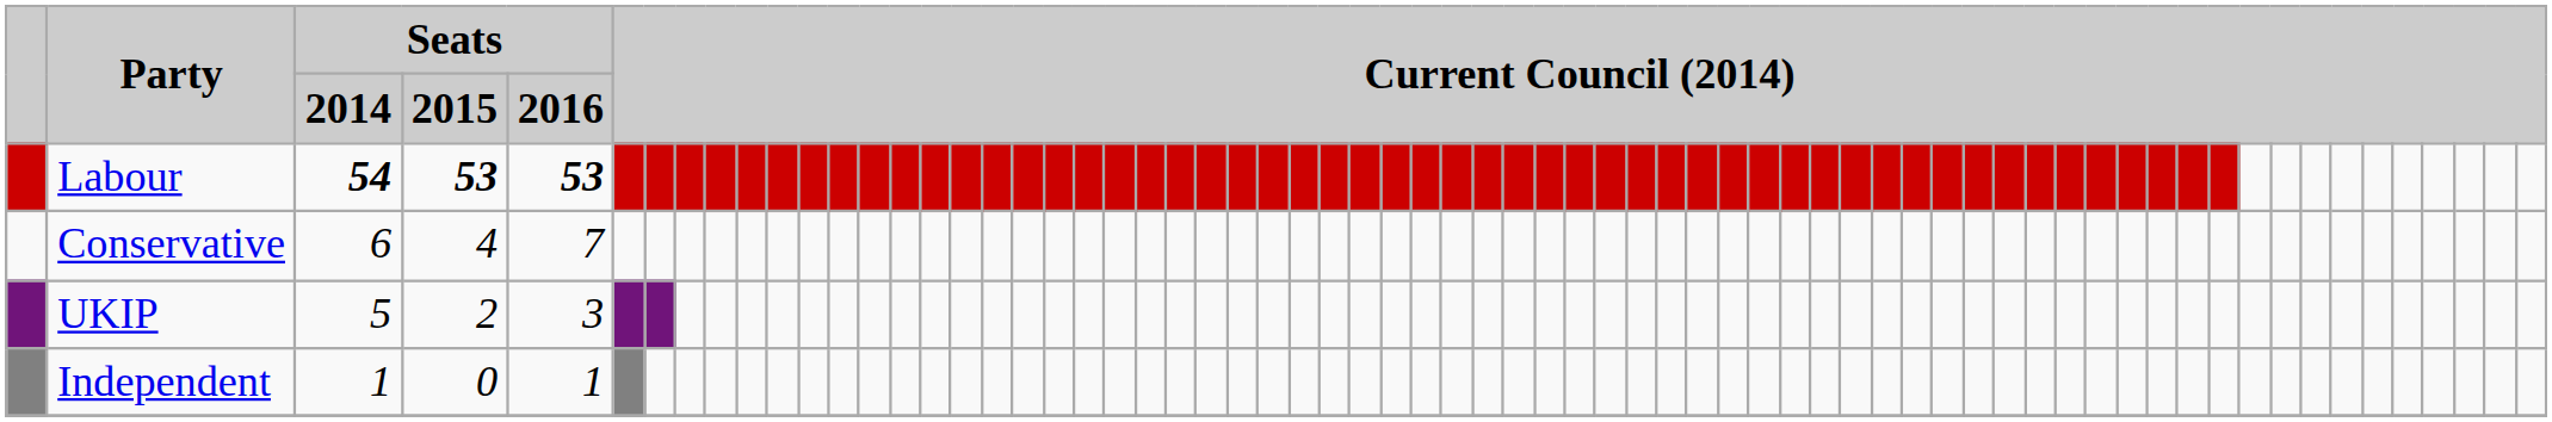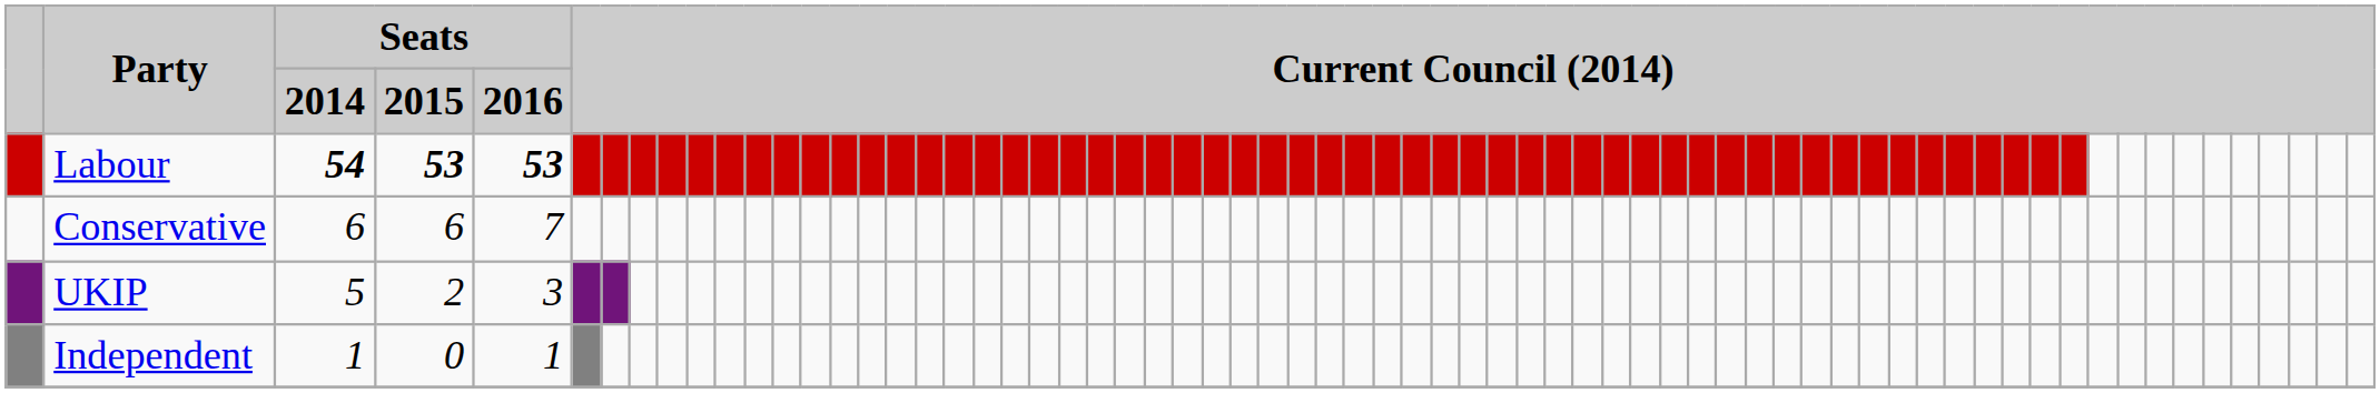 <table class="wikitable">
 <tr>
 <th style="background:#ccc" rowspan="2">  </th>
 <th style="background:#ccc" rowspan="2">Party</th>
 <th style="background:#ccc" colspan="3">Seats</th>
 <th style="background:#ccc" colspan="63" rowspan="2">Current Council (2014)</th>
 </tr>
 <tr>
 <th style="background:#ccc">2014</th>
 <th style="background:#ccc">2015</th>
 <th style="background:#ccc">2016</th>
 </tr>
 <tr>
 <td style="background:#c00"> </td>
 <td><a href='#'>Labour</a></td>
 <td style="text-align: right"><strong><em>54</em></strong></td>
 <td style="text-align: right"><strong><em>53</em></strong></td>
 <td style="text-align: right"><strong><em>53</em></strong></td>
 <td style="background:#c00"> </td>
 <td style="background:#c00"> </td>
 <td style="background:#c00"> </td>
 <td style="background:#c00"> </td>
 <td style="background:#c00"> </td>
 <td style="background:#c00"> </td>
 <td style="background:#c00"> </td>
 <td style="background:#c00"> </td>
 <td style="background:#c00"> </td>
 <td style="background:#c00"> </td>
 <td style="background:#c00"> </td>
 <td style="background:#c00"> </td>
 <td style="background:#c00"> </td>
 <td style="background:#c00"> </td>
 <td style="background:#c00"> </td>
 <td style="background:#c00"> </td>
 <td style="background:#c00"> </td>
 <td style="background:#c00"> </td>
 <td style="background:#c00"> </td>
 <td style="background:#c00"> </td>
 <td style="background:#c00"> </td>
 <td style="background:#c00"> </td>
 <td style="background:#c00"> </td>
 <td style="background:#c00"> </td>
 <td style="background:#c00"> </td>
 <td style="background:#c00"> </td>
 <td style="background:#c00"> </td>
 <td style="background:#c00"> </td>
 <td style="background:#c00"> </td>
 <td style="background:#c00"> </td>
 <td style="background:#c00"> </td>
 <td style="background:#c00"> </td>
 <td style="background:#c00"> </td>
 <td style="background:#c00"> </td>
 <td style="background:#c00"> </td>
 <td style="background:#c00"> </td>
 <td style="background:#c00"> </td>
 <td style="background:#c00"> </td>
 <td style="background:#c00"> </td>
 <td style="background:#c00"> </td>
 <td style="background:#c00"> </td>
 <td style="background:#c00"> </td>
 <td style="background:#c00"> </td>
 <td style="background:#c00"> </td>
 <td style="background:#c00"> </td>
 <td style="background:#c00"> </td>
 <td style="background:#c00"> </td>
 <td style="background:#c00"> </td>
 <td style="background:#c00"> </td>
 <td style="background:#c00"> </td>
 <td style="background:#c00"> </td>
 <td style="background:#c00"> </td>
 <td style="background:#c00"> </td>
 <td> </td>
 <td> </td>
 <td> </td>
 <td> </td>
 <td> </td>
 <td> </td>
 <td> </td>
 <td> </td>
 <td> </td>
 <td> </td>
 </tr>
 <tr>
 <td style="background: "> </td>
 <td><a href='#'>Conservative</a></td>
 <td style="text-align: right"><em>6</em></td>
-<td style="text-align: right"><em>4</em></td>
+<td style="text-align: right"><em>6</em></td>
 <td style="text-align: right"><em>7</em></td>
 <td style="background: "> </td>
 <td style="background: "> </td>
 <td style="background: "> </td>
 <td style="background: "> </td>
 <td style="background: "> </td>
 <td style="background: "> </td>
 <td style="background: "> </td>
 <td> </td>
 <td> </td>
 <td> </td>
 <td> </td>
 <td> </td>
 <td> </td>
 <td> </td>
 <td> </td>
 <td> </td>
 <td> </td>
 <td> </td>
 <td> </td>
 <td> </td>
 <td> </td>
 <td> </td>
 <td> </td>
 <td> </td>
 <td> </td>
 <td> </td>
 <td> </td>
 <td> </td>
 <td> </td>
 <td> </td>
 <td> </td>
 <td> </td>
 <td> </td>
 <td> </td>
 <td> </td>
 <td> </td>
 <td> </td>
 <td> </td>
 <td> </td>
 <td> </td>
 <td> </td>
 <td> </td>
 <td> </td>
 <td> </td>
 <td> </td>
 <td> </td>
 <td> </td>
 <td> </td>
 <td> </td>
 <td> </td>
 <td> </td>
 <td> </td>
 <td> </td>
 <td> </td>
 <td> </td>
 <td> </td>
 <td> </td>
 <td> </td>
 <td> </td>
 <td> </td>
 <td> </td>
 <td> </td>
 <td> </td>
 </tr>
 <tr>
 <td style="background:#70147A"> </td>
 <td><a href='#'>UKIP</a></td>
 <td style="text-align: right"><em>5</em></td>
 <td style="text-align: right"><em>2</em></td>
 <td style="text-align: right"><em>3</em></td>
 <td style="background:#70147A"> </td>
 <td style="background:#70147A"> </td>
 <td> </td>
 <td> </td>
 <td> </td>
 <td> </td>
 <td> </td>
 <td> </td>
 <td> </td>
 <td> </td>
 <td> </td>
 <td> </td>
 <td> </td>
 <td> </td>
 <td> </td>
 <td> </td>
 <td> </td>
 <td> </td>
 <td> </td>
 <td> </td>
 <td> </td>
 <td> </td>
 <td> </td>
 <td> </td>
 <td> </td>
 <td> </td>
 <td> </td>
 <td> </td>
 <td> </td>
 <td> </td>
 <td> </td>
 <td> </td>
 <td> </td>
 <td> </td>
 <td> </td>
 <td> </td>
 <td> </td>
 <td> </td>
 <td> </td>
 <td> </td>
 <td> </td>
 <td> </td>
 <td> </td>
 <td> </td>
 <td> </td>
 <td> </td>
 <td> </td>
 <td> </td>
 <td> </td>
 <td> </td>
 <td> </td>
 <td> </td>
 <td> </td>
 <td> </td>
 <td> </td>
 <td> </td>
 <td> </td>
 <td> </td>
 <td> </td>
 <td> </td>
 <td> </td>
 <td> </td>
 <td> </td>
 </tr>
 <tr>
 <td style="background:gray"> </td>
 <td><a href='#'>Independent</a></td>
 <td style="text-align: right"><em>1</em></td>
 <td style="text-align: right"><em>0</em></td>
 <td style="text-align: right"><em>1</em></td>
 <td style="background:gray"> </td>
 <td> </td>
 <td> </td>
 <td> </td>
 <td> </td>
 <td> </td>
 <td> </td>
 <td> </td>
 <td> </td>
 <td> </td>
 <td> </td>
 <td> </td>
 <td> </td>
 <td> </td>
 <td> </td>
 <td> </td>
 <td> </td>
 <td> </td>
 <td> </td>
 <td> </td>
 <td> </td>
 <td> </td>
 <td> </td>
 <td> </td>
 <td> </td>
 <td> </td>
 <td> </td>
 <td> </td>
 <td> </td>
 <td> </td>
 <td> </td>
 <td> </td>
 <td> </td>
 <td> </td>
 <td> </td>
 <td> </td>
 <td> </td>
 <td> </td>
 <td> </td>
 <td> </td>
 <td> </td>
 <td> </td>
 <td> </td>
 <td> </td>
 <td> </td>
 <td> </td>
 <td> </td>
 <td> </td>
 <td> </td>
 <td> </td>
 <td> </td>
 <td> </td>
 <td> </td>
 <td> </td>
 <td> </td>
 <td> </td>
 <td> </td>
 <td> </td>
 <td> </td>
 <td> </td>
 <td> </td>
 <td> </td>
 <td> </td>
 </tr>
 <tr>
 </tr>
 </table>
